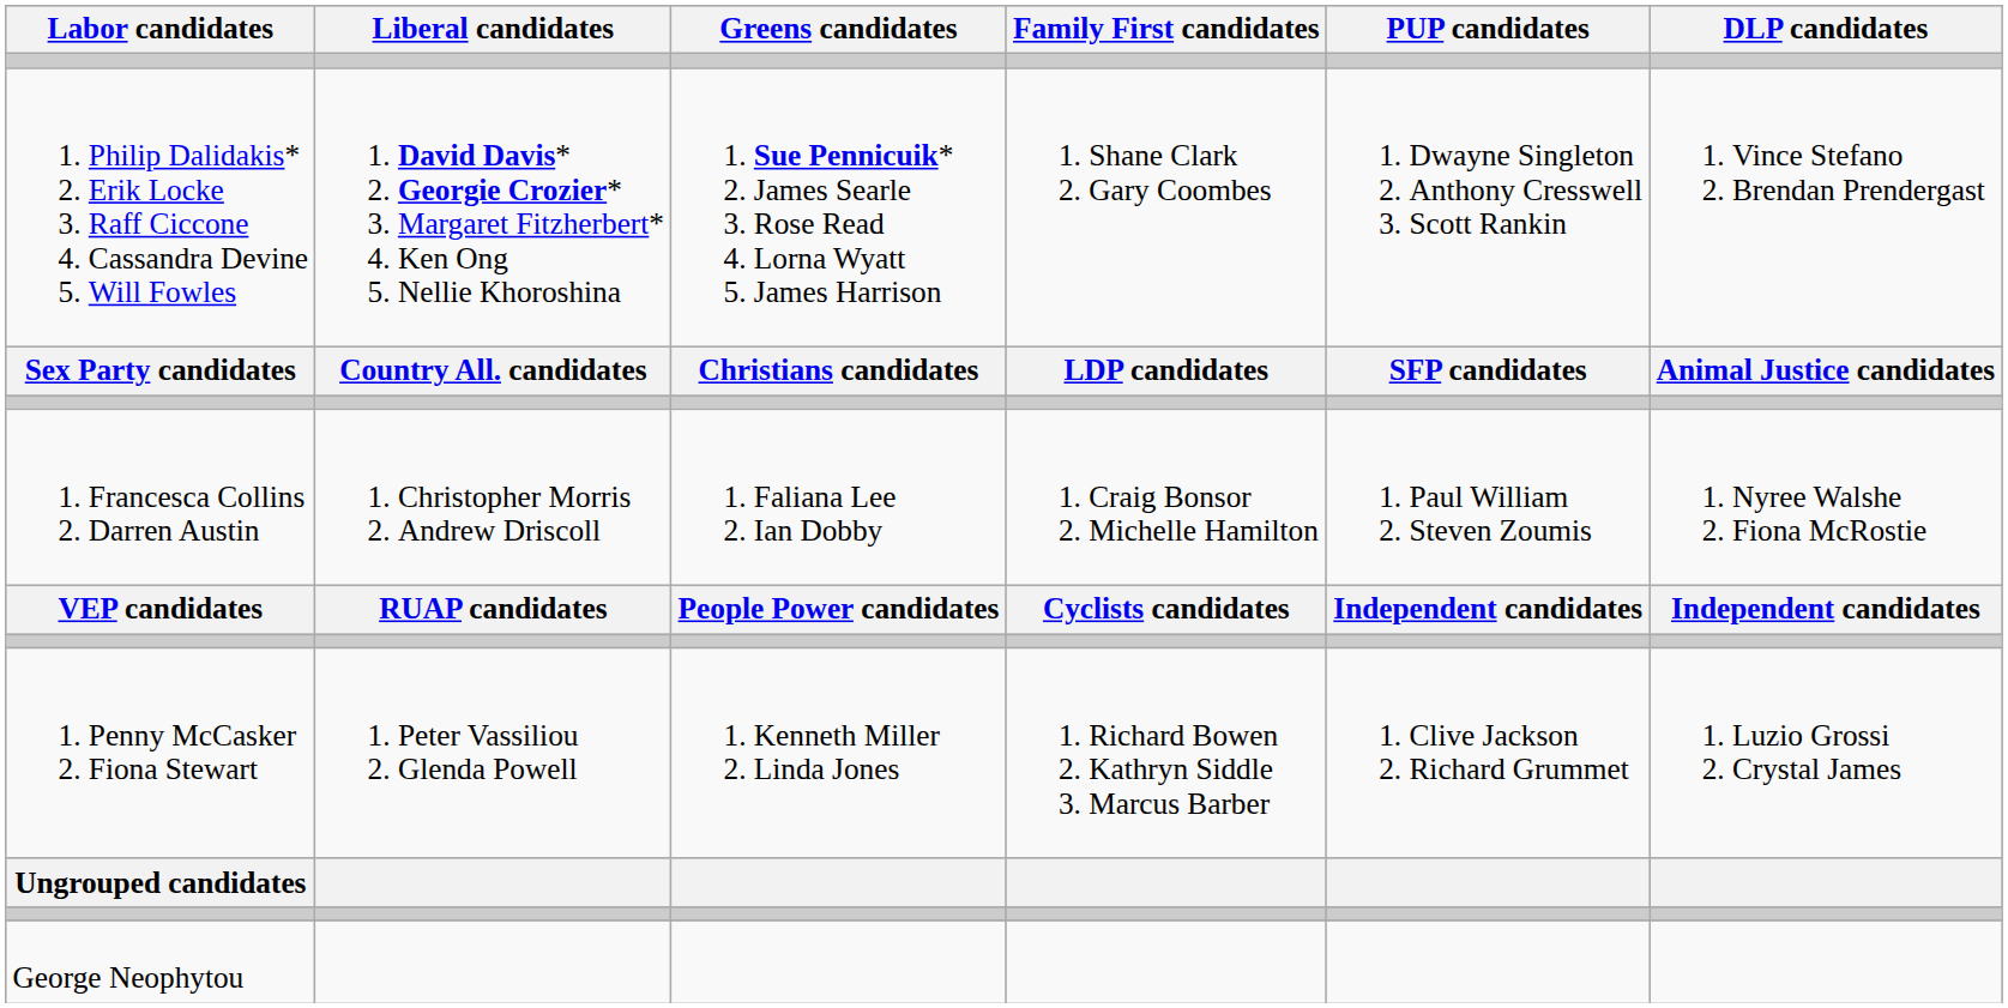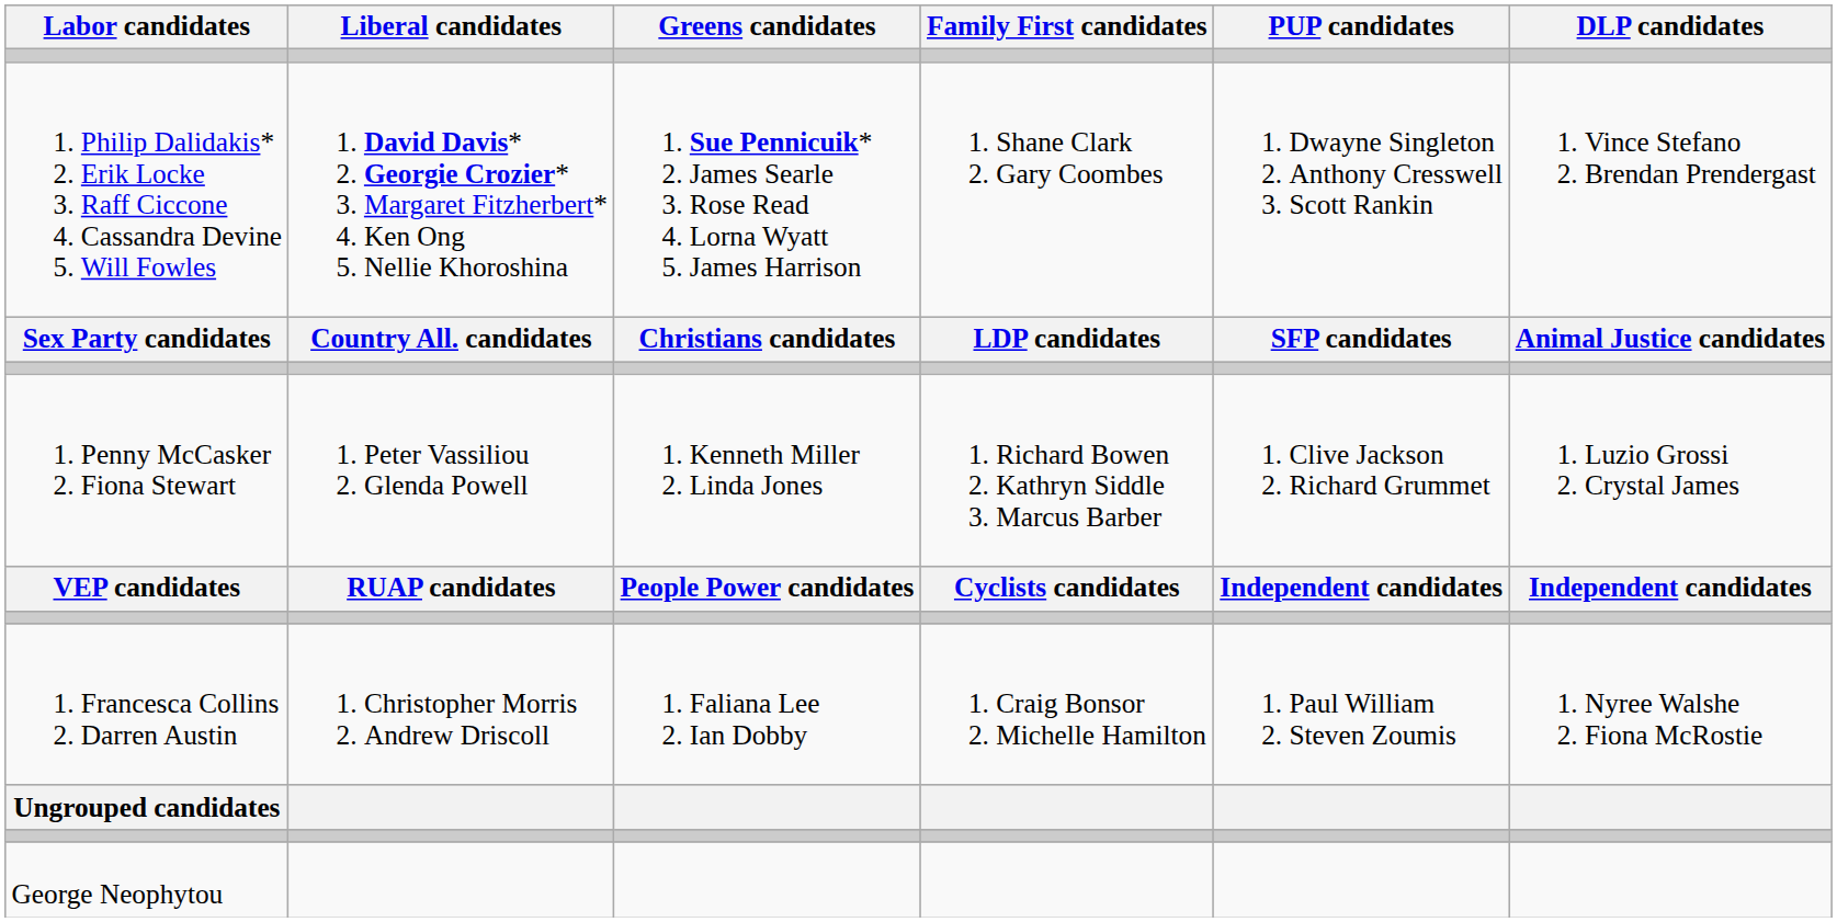 <table class="wikitable">
 <tr>
 <th><a href='#'>Labor</a> candidates</th>
 <th><a href='#'>Liberal</a> candidates</th>
 <th><a href='#'>Greens</a> candidates</th>
 <th><a href='#'>Family First</a> candidates</th>
 <th><a href='#'>PUP</a> candidates</th>
 <th><a href='#'>DLP</a> candidates</th>
 </tr>
 <tr bgcolor="#cccccc">
 <td></td>
 <td></td>
 <td></td>
 <td></td>
 <td></td>
 <td></td>
 </tr>
 <tr>
 <td><br><ol><li><a href='#'>Philip Dalidakis</a>*</li><li><a href='#'>Erik Locke</a></li><li><a href='#'>Raff Ciccone</a></li><li>Cassandra Devine</li><li><a href='#'>Will Fowles</a></li></ol></td>
 <td><br><ol><li><strong><a href='#'>David Davis</a></strong>*</li><li><strong><a href='#'>Georgie Crozier</a></strong>*</li><li><a href='#'>Margaret Fitzherbert</a>*</li><li>Ken Ong</li><li>Nellie Khoroshina</li></ol></td>
 <td><br><ol><li><strong><a href='#'>Sue Pennicuik</a></strong>*</li><li>James Searle</li><li>Rose Read</li><li>Lorna Wyatt</li><li>James Harrison</li></ol></td>
 <td valign=top><br><ol><li>Shane Clark</li><li>Gary Coombes</li></ol></td>
 <td valign=top><br><ol><li>Dwayne Singleton</li><li>Anthony Cresswell</li><li>Scott Rankin</li></ol></td>
 <td valign=top><br><ol><li>Vince Stefano</li><li>Brendan Prendergast</li></ol></td>
 </tr>
 <tr bgcolor="#cccccc">
 <th><a href='#'>Sex Party</a> candidates</th>
 <th><a href='#'>Country All.</a> candidates</th>
 <th><a href='#'>Christians</a> candidates</th>
 <th><a href='#'>LDP</a> candidates</th>
 <th><a href='#'>SFP</a> candidates</th>
 <th><a href='#'>Animal Justice</a> candidates</th>
 </tr>
 <tr bgcolor="#cccccc">
 <td></td>
 <td></td>
 <td></td>
 <td></td>
 <td></td>
 <td></td>
 </tr>
 <tr>
-<td valign=top><br><ol><li>Francesca Collins</li><li>Darren Austin</li></ol></td>
-<td valign=top><br><ol><li>Christopher Morris</li><li>Andrew Driscoll</li></ol></td>
-<td valign=top><br><ol><li>Faliana Lee</li><li>Ian Dobby</li></ol></td>
-<td valign=top><br><ol><li>Craig Bonsor</li><li>Michelle Hamilton</li></ol></td>
-<td valign=top><br><ol><li>Paul William</li><li>Steven Zoumis</li></ol></td>
-<td valign=top><br><ol><li>Nyree Walshe</li><li>Fiona McRostie</li></ol></td>
+<td valign=top><br><ol><li>Penny McCasker</li><li>Fiona Stewart</li></ol></td>
+<td valign=top><br><ol><li>Peter Vassiliou</li><li>Glenda Powell</li></ol></td>
+<td valign=top><br><ol><li>Kenneth Miller</li><li>Linda Jones</li></ol></td>
+<td valign=top><br><ol><li>Richard Bowen</li><li>Kathryn Siddle</li><li>Marcus Barber</li></ol></td>
+<td valign=top><br><ol><li>Clive Jackson</li><li>Richard Grummet</li></ol></td>
+<td valign=top><br><ol><li>Luzio Grossi</li><li>Crystal James</li></ol></td>
 </tr>
 <tr bgcolor="#cccccc">
 <th><a href='#'>VEP</a> candidates</th>
 <th><a href='#'>RUAP</a> candidates</th>
 <th><a href='#'>People Power</a> candidates</th>
 <th><a href='#'>Cyclists</a> candidates</th>
 <th><a href='#'>Independent</a> candidates</th>
 <th><a href='#'>Independent</a> candidates</th>
 </tr>
 <tr bgcolor="#cccccc">
 <td></td>
 <td></td>
 <td></td>
 <td></td>
 <td></td>
 <td></td>
 </tr>
 <tr>
-<td valign=top><br><ol><li>Penny McCasker</li><li>Fiona Stewart</li></ol></td>
-<td valign=top><br><ol><li>Peter Vassiliou</li><li>Glenda Powell</li></ol></td>
-<td valign=top><br><ol><li>Kenneth Miller</li><li>Linda Jones</li></ol></td>
-<td valign=top><br><ol><li>Richard Bowen</li><li>Kathryn Siddle</li><li>Marcus Barber</li></ol></td>
-<td valign=top><br><ol><li>Clive Jackson</li><li>Richard Grummet</li></ol></td>
-<td valign=top><br><ol><li>Luzio Grossi</li><li>Crystal James</li></ol></td>
+<td valign=top><br><ol><li>Francesca Collins</li><li>Darren Austin</li></ol></td>
+<td valign=top><br><ol><li>Christopher Morris</li><li>Andrew Driscoll</li></ol></td>
+<td valign=top><br><ol><li>Faliana Lee</li><li>Ian Dobby</li></ol></td>
+<td valign=top><br><ol><li>Craig Bonsor</li><li>Michelle Hamilton</li></ol></td>
+<td valign=top><br><ol><li>Paul William</li><li>Steven Zoumis</li></ol></td>
+<td valign=top><br><ol><li>Nyree Walshe</li><li>Fiona McRostie</li></ol></td>
 </tr>
 <tr bgcolor="#cccccc">
 <th>Ungrouped candidates</th>
 <th></th>
 <th></th>
 <th></th>
 <th></th>
 <th></th>
 </tr>
 <tr bgcolor="#cccccc">
 <td></td>
 <td></td>
 <td></td>
 <td></td>
 <td></td>
 <td></td>
 </tr>
 <tr>
 <td valign=top><br>George Neophytou</td>
 <td valign=top></td>
 <td valign=top></td>
 <td valign=top></td>
 <td valign=top></td>
 <td valign=top></td>
 </tr>
 </table>
